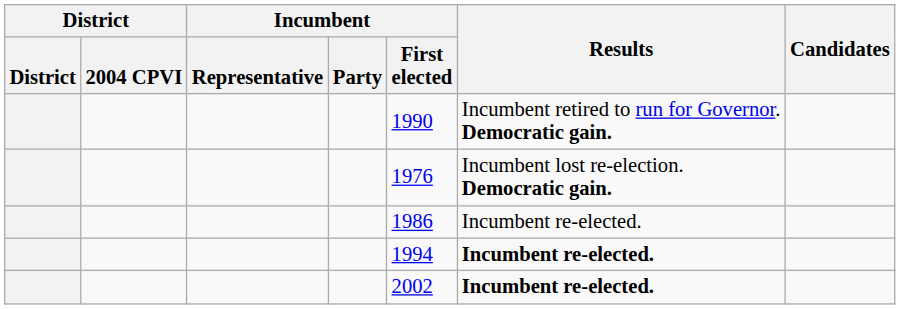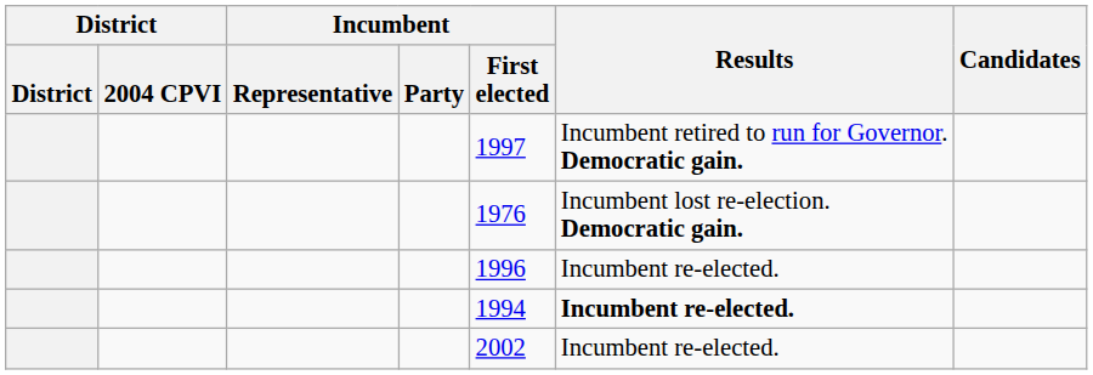 <table class="wikitable sortable">
 <tr>
 <th colspan=2>District</th>
 <th colspan=3>Incumbent</th>
 <th rowspan=2>Results</th>
 <th rowspan=2>Candidates</th>
 </tr>
 <tr valign=bottom>
 <th>District</th>
 <th>2004 CPVI</th>
 <th>Representative</th>
 <th>Party</th>
 <th>First<br>elected</th>
 </tr>
 <tr>
 <th></th>
 <td></td>
 <td></td>
 <td></td>
-<td><a href='#'>1990</a></td>
+<td><a href='#'>1997</a></td>
 <td>Incumbent retired to <a href='#'>run for Governor</a>.<br><strong>Democratic gain.</strong></td>
 <td nowrap></td>
 </tr>
 <tr>
 <th></th>
 <td></td>
 <td></td>
 <td></td>
 <td><a href='#'>1976</a></td>
 <td>Incumbent lost re-election.<br><strong>Democratic gain.</strong></td>
 <td nowrap></td>
 </tr>
 <tr>
 <th></th>
 <td></td>
 <td></td>
 <td></td>
-<td><a href='#'>1986</a></td>
+<td><a href='#'>1996</a></td>
 <td>Incumbent re-elected.</td>
 <td nowrap></td>
 </tr>
 <tr>
 <th></th>
 <td></td>
 <td></td>
 <td></td>
 <td><a href='#'>1994</a></td>
 <td><strong>Incumbent re-elected.</strong></td>
 <td nowrap></td>
 </tr>
 <tr>
 <th></th>
 <td></td>
 <td></td>
 <td></td>
 <td><a href='#'>2002</a></td>
-<td><strong>Incumbent re-elected.</strong></td>
+<td>Incumbent re-elected.</td>
 <td nowrap></td>
 </tr>
 </table>
